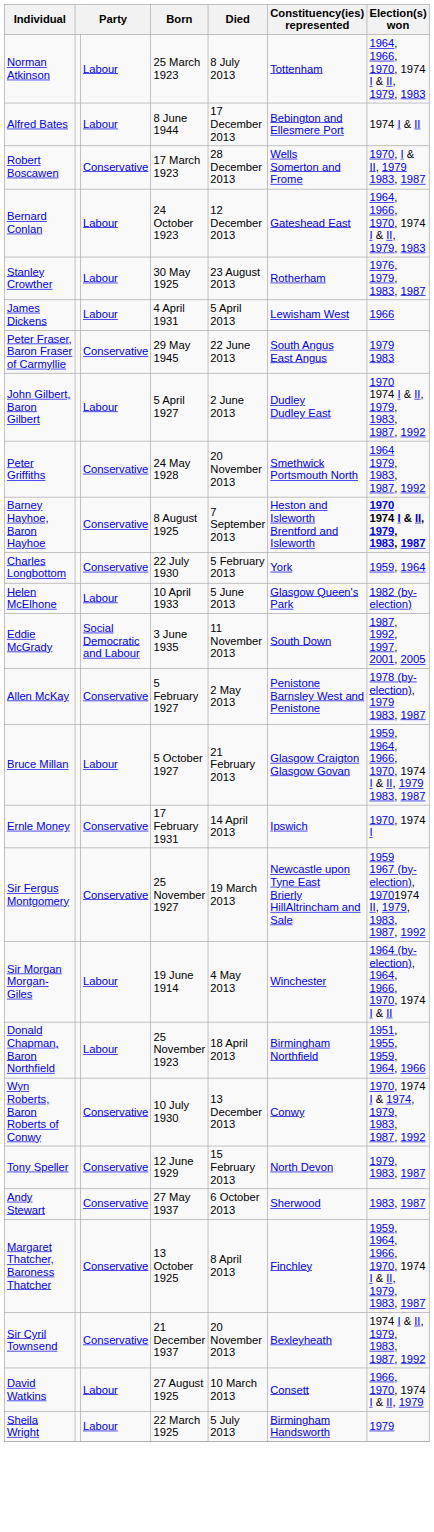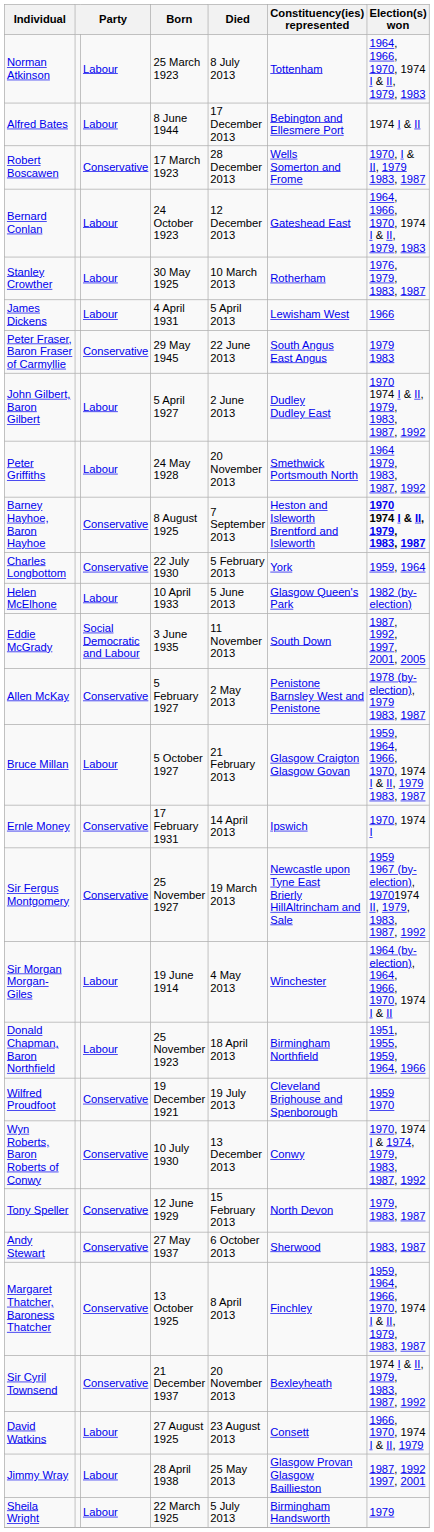 <table class="wikitable sortable">
 <tr>
 <th width="260px">Individual</th>
 <th colspan="2">Party</th>
 <th>Born</th>
 <th>Died</th>
 <th>Constituency(ies) represented</th>
 <th>Election(s) won</th>
 </tr>
 <tr>
 <td><a href='#'>Norman Atkinson</a></td>
 <td style="background-color: "></td>
 <td><a href='#'>Labour</a></td>
 <td>25 March 1923</td>
 <td>8 July 2013</td>
 <td><a href='#'>Tottenham</a></td>
 <td><a href='#'>1964</a>, <a href='#'>1966</a>, <a href='#'>1970</a>, 1974 <a href='#'>I</a> & <a href='#'>II</a>, <a href='#'>1979</a>, <a href='#'>1983</a></td>
 </tr>
 <tr>
 <td><a href='#'>Alfred Bates</a></td>
 <td style="background-color: "></td>
 <td><a href='#'>Labour</a></td>
 <td>8 June 1944</td>
 <td>17 December 2013</td>
 <td><a href='#'>Bebington and Ellesmere Port</a></td>
 <td>1974 <a href='#'>I</a> & <a href='#'>II</a></td>
 </tr>
 <tr>
 <td><a href='#'>Robert Boscawen</a></td>
 <td style="background-color: "></td>
 <td><a href='#'>Conservative</a></td>
 <td>17 March 1923</td>
 <td>28 December 2013</td>
 <td><a href='#'>Wells</a><br><a href='#'>Somerton and Frome</a></td>
 <td><a href='#'>1970</a>, <a href='#'>I</a> & <a href='#'>II</a>, <a href='#'>1979</a><br><a href='#'>1983</a>, <a href='#'>1987</a></td>
 </tr>
 <tr>
 <td><a href='#'>Bernard Conlan</a></td>
 <td style="background-color: "></td>
 <td><a href='#'>Labour</a></td>
 <td>24 October 1923</td>
 <td>12 December 2013</td>
 <td><a href='#'>Gateshead East</a></td>
 <td><a href='#'>1964</a>, <a href='#'>1966</a>, <a href='#'>1970</a>, 1974 <a href='#'>I</a> & <a href='#'>II</a>, <a href='#'>1979</a>, <a href='#'>1983</a></td>
 </tr>
 <tr>
 <td><a href='#'>Stanley Crowther</a></td>
 <td style="background-color: "></td>
 <td><a href='#'>Labour</a></td>
 <td>30 May 1925</td>
-<td>23 August 2013</td>
+<td>10 March 2013</td>
 <td><a href='#'>Rotherham</a></td>
 <td><a href='#'>1976</a>, <a href='#'>1979</a>, <a href='#'>1983</a>, <a href='#'>1987</a></td>
 </tr>
 <tr>
 <td><a href='#'>James Dickens</a></td>
 <td style="background-color: "></td>
 <td><a href='#'>Labour</a></td>
 <td>4 April 1931</td>
 <td>5 April 2013</td>
 <td><a href='#'>Lewisham West</a></td>
 <td><a href='#'>1966</a></td>
 </tr>
 <tr>
 <td><a href='#'>Peter Fraser, Baron Fraser of Carmyllie</a></td>
 <td style="background-color: "></td>
 <td><a href='#'>Conservative</a></td>
 <td>29 May 1945</td>
 <td>22 June 2013</td>
 <td><a href='#'>South Angus</a><br><a href='#'>East Angus</a></td>
 <td><a href='#'>1979</a><br><a href='#'>1983</a></td>
 </tr>
 <tr>
 <td><a href='#'>John Gilbert, Baron Gilbert</a></td>
 <td style="background-color: "></td>
 <td><a href='#'>Labour</a></td>
 <td>5 April 1927</td>
 <td>2 June 2013</td>
 <td><a href='#'>Dudley</a><br><a href='#'>Dudley East</a></td>
 <td><a href='#'>1970</a><br>1974 <a href='#'>I</a> & <a href='#'>II</a>, <a href='#'>1979</a>, <a href='#'>1983</a>, <a href='#'>1987</a>, <a href='#'>1992</a></td>
 </tr>
 <tr>
 <td><a href='#'>Peter Griffiths</a></td>
 <td style="background-color: "></td>
-<td><a href='#'>Conservative</a></td>
+<td><a href='#'>Labour</a></td>
 <td>24 May 1928</td>
 <td>20 November 2013</td>
 <td><a href='#'>Smethwick</a><br><a href='#'>Portsmouth North</a></td>
 <td><a href='#'>1964</a><br><a href='#'>1979</a>, <a href='#'>1983</a>, <a href='#'>1987</a>, <a href='#'>1992</a></td>
 </tr>
 <tr>
 <td><a href='#'>Barney Hayhoe, Baron Hayhoe</a></td>
 <td style="background-color: "></td>
 <td><a href='#'>Conservative</a></td>
 <td>8 August 1925</td>
 <td>7 September 2013</td>
 <td><a href='#'>Heston and Isleworth</a><br><a href='#'>Brentford and Isleworth</a></td>
 <td><strong><a href='#'>1970</a><br>1974 <a href='#'>I</a> & <a href='#'>II</a>, <a href='#'>1979</a>, <a href='#'>1983</a>, <a href='#'>1987</a></strong></td>
 </tr>
 <tr>
 <td><a href='#'>Charles Longbottom</a></td>
 <td style="background-color: "></td>
 <td><a href='#'>Conservative</a></td>
 <td>22 July 1930</td>
 <td>5 February 2013</td>
 <td><a href='#'>York</a></td>
 <td><a href='#'>1959</a>, <a href='#'>1964</a></td>
 </tr>
 <tr>
 <td><a href='#'>Helen McElhone</a></td>
 <td style="background-color: "></td>
 <td><a href='#'>Labour</a></td>
 <td>10 April 1933</td>
 <td>5 June 2013</td>
 <td><a href='#'>Glasgow Queen's Park</a></td>
 <td><a href='#'>1982 (by-election)</a></td>
 </tr>
 <tr>
 <td><a href='#'>Eddie McGrady</a></td>
 <td style="background-color: "></td>
 <td><a href='#'>Social Democratic and Labour</a></td>
 <td>3 June 1935</td>
 <td>11 November 2013</td>
 <td><a href='#'>South Down</a></td>
 <td><a href='#'>1987</a>, <a href='#'>1992</a>, <a href='#'>1997</a>, <a href='#'>2001</a>, <a href='#'>2005</a></td>
 </tr>
 <tr>
 <td><a href='#'>Allen McKay</a></td>
 <td style="background-color: "></td>
 <td><a href='#'>Conservative</a></td>
 <td>5 February 1927</td>
 <td>2 May 2013</td>
 <td><a href='#'>Penistone</a><br><a href='#'>Barnsley West and Penistone</a></td>
 <td><a href='#'>1978 (by-election)</a>, <a href='#'>1979</a><br><a href='#'>1983</a>, <a href='#'>1987</a></td>
 </tr>
 <tr>
 <td><a href='#'>Bruce Millan</a></td>
 <td style="background-color: "></td>
 <td><a href='#'>Labour</a></td>
 <td>5 October 1927</td>
 <td>21 February 2013</td>
 <td><a href='#'>Glasgow Craigton</a><br><a href='#'>Glasgow Govan</a></td>
 <td><a href='#'>1959</a>, <a href='#'>1964</a>, <a href='#'>1966</a>, <a href='#'>1970</a>, 1974 <a href='#'>I</a> & <a href='#'>II</a>, <a href='#'>1979</a><br><a href='#'>1983</a>, <a href='#'>1987</a></td>
 </tr>
 <tr>
 <td><a href='#'>Ernle Money</a></td>
 <td style="background-color: "></td>
 <td><a href='#'>Conservative</a></td>
 <td>17 February 1931</td>
 <td>14 April 2013</td>
 <td><a href='#'>Ipswich</a></td>
 <td><a href='#'>1970</a>, 1974 <a href='#'>I</a></td>
 </tr>
 <tr>
 <td><a href='#'>Sir Fergus Montgomery</a></td>
 <td style="background-color: "></td>
 <td><a href='#'>Conservative</a></td>
 <td>25 November 1927</td>
 <td>19 March 2013</td>
 <td><a href='#'>Newcastle upon Tyne East</a><br><a href='#'>Brierly Hill</a><a href='#'>Altrincham and Sale</a></td>
 <td><a href='#'>1959</a><br><a href='#'>1967 (by-election)</a>, <a href='#'>1970</a>1974 <a href='#'>II</a>, <a href='#'>1979</a>, <a href='#'>1983</a>, <a href='#'>1987</a>, <a href='#'>1992</a></td>
 </tr>
 <tr>
 <td><a href='#'>Sir Morgan Morgan-Giles</a></td>
 <td style="background-color: "></td>
 <td><a href='#'>Labour</a></td>
 <td>19 June 1914</td>
 <td>4 May 2013</td>
 <td><a href='#'>Winchester</a></td>
 <td><a href='#'>1964 (by-election)</a>, <a href='#'>1964</a>, <a href='#'>1966</a>, <a href='#'>1970</a>, 1974 <a href='#'>I</a> & <a href='#'>II</a></td>
 </tr>
 <tr>
 <td><a href='#'>Donald Chapman, Baron Northfield</a></td>
 <td style="background-color: "></td>
 <td><a href='#'>Labour</a></td>
 <td>25 November 1923</td>
 <td>18 April 2013</td>
 <td><a href='#'>Birmingham Northfield</a></td>
 <td><a href='#'>1951</a>, <a href='#'>1955</a>, <a href='#'>1959</a>, <a href='#'>1964</a>, <a href='#'>1966</a></td>
 </tr>
 <tr>
+<td><a href='#'>Wilfred Proudfoot</a></td>
+<td style="background-color: "></td>
+<td><a href='#'>Conservative</a></td>
+<td>19 December 1921</td>
+<td>19 July 2013</td>
+<td><a href='#'>Cleveland</a><br><a href='#'>Brighouse and Spenborough</a></td>
+<td><a href='#'>1959</a><br><a href='#'>1970</a></td>
+</tr>
+<tr>
 <td><a href='#'>Wyn Roberts, Baron Roberts of Conwy</a></td>
 <td style="background-color: "></td>
 <td><a href='#'>Conservative</a></td>
 <td>10 July 1930</td>
 <td>13 December 2013</td>
 <td><a href='#'>Conwy</a></td>
 <td><a href='#'>1970</a>, 1974 <a href='#'>I</a> & <a href='#'>1974</a>, <a href='#'>1979</a>, <a href='#'>1983</a>, <a href='#'>1987</a>, <a href='#'>1992</a></td>
 </tr>
 <tr>
 <td><a href='#'>Tony Speller</a></td>
 <td style="background-color: "></td>
 <td><a href='#'>Conservative</a></td>
 <td>12 June 1929</td>
 <td>15 February 2013</td>
 <td><a href='#'>North Devon</a></td>
 <td><a href='#'>1979</a>, <a href='#'>1983</a>, <a href='#'>1987</a></td>
 </tr>
 <tr>
 <td><a href='#'>Andy Stewart</a></td>
 <td style="background-color: "></td>
 <td><a href='#'>Conservative</a></td>
 <td>27 May 1937</td>
 <td>6 October 2013</td>
 <td><a href='#'>Sherwood</a></td>
 <td><a href='#'>1983</a>, <a href='#'>1987</a></td>
 </tr>
 <tr>
 <td><a href='#'>Margaret Thatcher, Baroness Thatcher</a></td>
 <td style="background-color: "></td>
 <td><a href='#'>Conservative</a></td>
 <td>13 October 1925</td>
 <td>8 April 2013</td>
 <td><a href='#'>Finchley</a></td>
 <td><a href='#'>1959</a>, <a href='#'>1964</a>, <a href='#'>1966</a>, <a href='#'>1970</a>, 1974 <a href='#'>I</a> & <a href='#'>II</a>, <a href='#'>1979</a>, <a href='#'>1983</a>, <a href='#'>1987</a></td>
 </tr>
 <tr>
 <td><a href='#'>Sir Cyril Townsend</a></td>
 <td style="background-color: "></td>
 <td><a href='#'>Conservative</a></td>
 <td>21 December 1937</td>
 <td>20 November 2013</td>
 <td><a href='#'>Bexleyheath</a></td>
 <td>1974 <a href='#'>I</a> & <a href='#'>II</a>, <a href='#'>1979</a>, <a href='#'>1983</a>, <a href='#'>1987</a>, <a href='#'>1992</a></td>
 </tr>
 <tr>
 <td><a href='#'>David Watkins</a></td>
 <td style="background-color: "></td>
 <td><a href='#'>Labour</a></td>
 <td>27 August 1925</td>
-<td>10 March 2013</td>
+<td>23 August 2013</td>
 <td><a href='#'>Consett</a></td>
 <td><a href='#'>1966</a>, <a href='#'>1970</a>, 1974 <a href='#'>I</a> & <a href='#'>II</a>, <a href='#'>1979</a></td>
+</tr>
+<tr>
+<td><a href='#'>Jimmy Wray</a></td>
+<td style="background-color: "></td>
+<td><a href='#'>Labour</a></td>
+<td>28 April 1938</td>
+<td>25 May 2013</td>
+<td><a href='#'>Glasgow Provan</a><br><a href='#'>Glasgow Baillieston</a></td>
+<td><a href='#'>1987</a>, <a href='#'>1992</a><br><a href='#'>1997</a>, <a href='#'>2001</a></td>
 </tr>
 <tr>
 <td><a href='#'>Sheila Wright</a></td>
 <td style="background-color: "></td>
 <td><a href='#'>Labour</a></td>
 <td>22 March 1925</td>
 <td>5 July 2013</td>
 <td><a href='#'>Birmingham Handsworth</a></td>
 <td><a href='#'>1979</a></td>
 </tr>
 <tr>
 </tr>
 </table>
